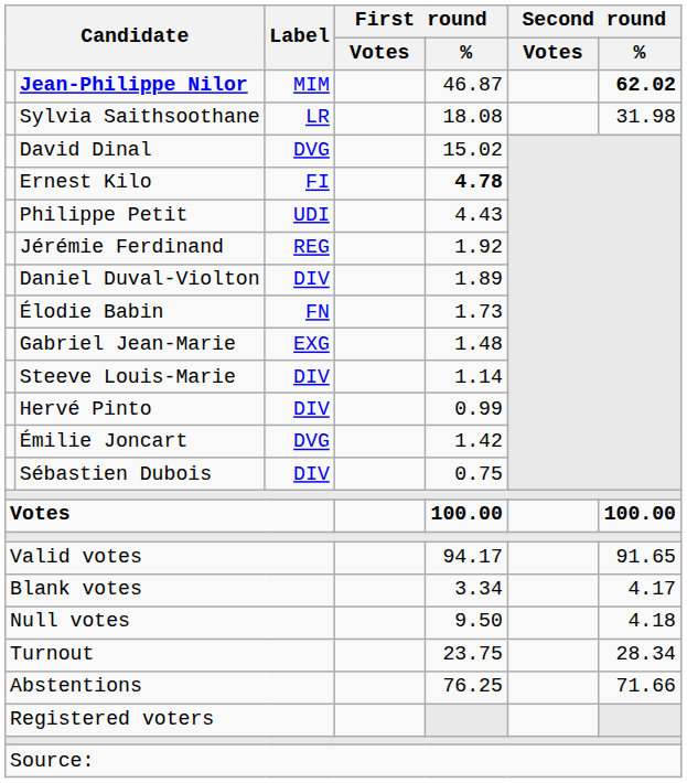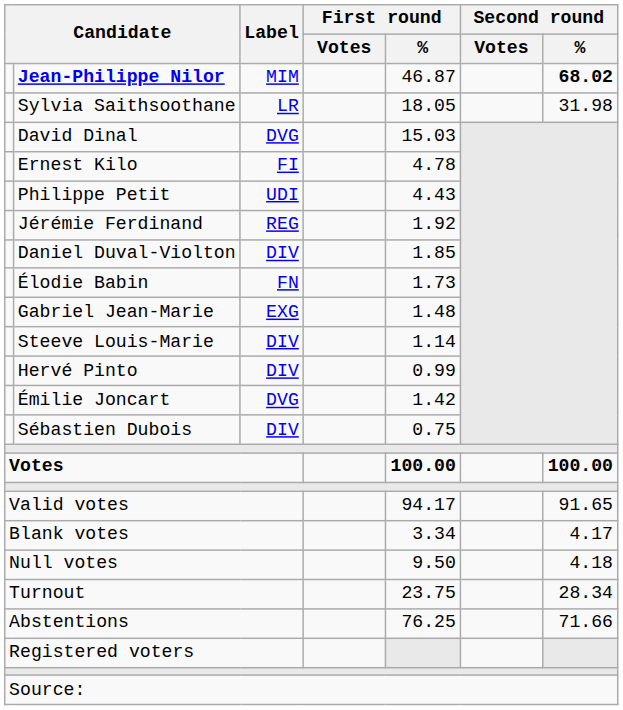 <table class="wikitable" style="text-align:right;font-size:95%;">
 <tr>
 <th rowspan="2" colspan="2">Candidate</th>
 <th rowspan="2">Label</th>
 <th colspan="2">First round</th>
 <th colspan="2">Second round</th>
 </tr>
 <tr>
 <th style="width:50px;">Votes</th>
 <th style="width:45px;">%</th>
 <th style="width:50px;">Votes</th>
 <th style="width:45px;">%</th>
 </tr>
 <tr>
 <td style="color:inherit;background:"></td>
 <td style="text-align:left;"><strong><a href='#'>Jean-Philippe Nilor</a></strong></td>
 <td><a href='#'>MIM</a></td>
 <td></td>
 <td>46.87</td>
 <td><strong></strong></td>
-<td><strong>62.02</strong></td>
+<td><strong>68.02</strong></td>
 </tr>
 <tr>
 <td style="color:inherit;background:"></td>
 <td style="text-align:left;">Sylvia Saithsoothane</td>
 <td><a href='#'>LR</a></td>
 <td></td>
-<td>18.08</td>
+<td>18.05</td>
 <td></td>
 <td>31.98</td>
 </tr>
 <tr>
 <td style="color:inherit;background:"></td>
 <td style="text-align:left;">David Dinal</td>
 <td><a href='#'>DVG</a></td>
 <td></td>
-<td>15.02</td>
+<td>15.03</td>
 <td colspan="2" rowspan="11" style="background:#E9E9E9;"></td>
 </tr>
 <tr>
 <td style="color:inherit;background:"></td>
 <td style="text-align:left;">Ernest Kilo</td>
 <td><a href='#'>FI</a></td>
 <td></td>
-<td><strong>4.78</strong></td>
+<td>4.78</td>
 </tr>
 <tr>
 <td style="color:inherit;background:"></td>
 <td style="text-align:left;">Philippe Petit</td>
 <td><a href='#'>UDI</a></td>
 <td></td>
 <td>4.43</td>
 </tr>
 <tr>
 <td style="color:inherit;background:"></td>
 <td style="text-align:left;">Jérémie Ferdinand</td>
 <td><a href='#'>REG</a></td>
 <td></td>
 <td>1.92</td>
 </tr>
 <tr>
 <td style="color:inherit;background:"></td>
 <td style="text-align:left;">Daniel Duval-Violton</td>
 <td><a href='#'>DIV</a></td>
 <td></td>
-<td>1.89</td>
+<td>1.85</td>
 </tr>
 <tr>
 <td style="color:inherit;background:"></td>
 <td style="text-align:left;">Élodie Babin</td>
 <td><a href='#'>FN</a></td>
 <td></td>
 <td>1.73</td>
 </tr>
 <tr>
 <td style="color:inherit;background:"></td>
 <td style="text-align:left;">Gabriel Jean-Marie</td>
 <td><a href='#'>EXG</a></td>
 <td></td>
 <td>1.48</td>
 </tr>
 <tr>
 <td style="color:inherit;background:"></td>
 <td style="text-align:left;">Steeve Louis-Marie</td>
 <td><a href='#'>DIV</a></td>
 <td></td>
 <td>1.14</td>
 </tr>
 <tr>
 <td style="color:inherit;background:"></td>
 <td style="text-align:left;">Hervé Pinto</td>
 <td><a href='#'>DIV</a></td>
 <td></td>
 <td>0.99</td>
 </tr>
 <tr>
 <td style="color:inherit;background:"></td>
 <td style="text-align:left;">Émilie Joncart</td>
 <td><a href='#'>DVG</a></td>
 <td></td>
 <td>1.42</td>
 </tr>
 <tr>
 <td style="color:inherit;background:"></td>
 <td style="text-align:left;">Sébastien Dubois</td>
 <td><a href='#'>DIV</a></td>
 <td></td>
 <td>0.75</td>
 </tr>
 <tr>
 <td colspan="7" style="background:#E9E9E9;"></td>
 </tr>
 <tr style="font-weight:bold;">
 <td colspan="3" style="text-align:left;">Votes</td>
 <td></td>
 <td>100.00</td>
 <td></td>
 <td>100.00</td>
 </tr>
 <tr>
 <td colspan="7" style="background:#E9E9E9;"></td>
 </tr>
 <tr>
 <td colspan="3" style="text-align:left;">Valid votes</td>
 <td></td>
 <td>94.17</td>
 <td></td>
 <td>91.65</td>
 </tr>
 <tr>
 <td colspan="3" style="text-align:left;">Blank votes</td>
 <td></td>
 <td>3.34</td>
 <td></td>
 <td>4.17</td>
 </tr>
 <tr>
 <td colspan="3" style="text-align:left;">Null votes</td>
 <td></td>
 <td>9.50</td>
 <td></td>
 <td>4.18</td>
 </tr>
 <tr>
 <td colspan="3" style="text-align:left;">Turnout</td>
 <td></td>
 <td>23.75</td>
 <td></td>
 <td>28.34</td>
 </tr>
 <tr>
 <td colspan="3" style="text-align:left;">Abstentions</td>
 <td></td>
 <td>76.25</td>
 <td></td>
 <td>71.66</td>
 </tr>
 <tr>
 <td colspan="3" style="text-align:left;">Registered voters</td>
 <td></td>
 <td style="background:#E9E9E9;"></td>
 <td></td>
 <td style="background:#E9E9E9;"></td>
 </tr>
 <tr>
 <td colspan="7" style="background:#E9E9E9;"></td>
 </tr>
 <tr>
 <td colspan="7" style="text-align:left;">Source: </td>
 </tr>
 </table>
